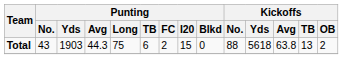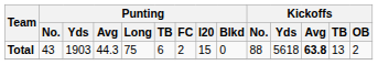 <table class="wikitable" style="white-space:nowrap;">
 <tr>
 <th rowspan="2">Team</th>
 <th colspan="8">Punting</th>
 <th colspan="5">Kickoffs</th>
 </tr>
 <tr>
 <th>No.</th>
 <th>Yds</th>
 <th>Avg</th>
 <th>Long</th>
 <th>TB</th>
 <th>FC</th>
 <th>I20</th>
 <th>Blkd</th>
 <th>No.</th>
 <th>Yds</th>
 <th>Avg</th>
 <th>TB</th>
 <th>OB</th>
 </tr>
 <tr>
 <td><strong>Total</strong></td>
 <td>43</td>
 <td>1903</td>
 <td>44.3</td>
 <td>75</td>
 <td>6</td>
 <td>2</td>
 <td>15</td>
 <td>0</td>
 <td>88</td>
 <td>5618</td>
-<td>63.8</td>
+<td><strong>63.8</strong></td>
 <td>13</td>
 <td>2</td>
 </tr>
 <tr>
 </tr>
 </table>
